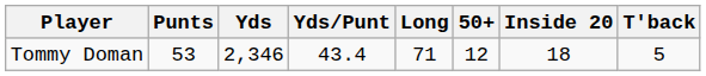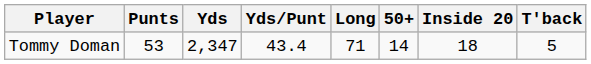 <table class="wikitable sortable sortable" style="text-align: center">
 <tr align=center>
 <th>Player</th>
 <th>Punts</th>
 <th>Yds</th>
 <th>Yds/Punt</th>
 <th>Long</th>
 <th>50+</th>
 <th>Inside 20</th>
 <th>T'back</th>
 </tr>
 <tr>
 <td>Tommy Doman</td>
 <td>53</td>
-<td>2,346</td>
+<td>2,347</td>
 <td>43.4</td>
 <td>71</td>
-<td>12</td>
+<td>14</td>
 <td>18</td>
 <td>5</td>
 </tr>
 </table>
